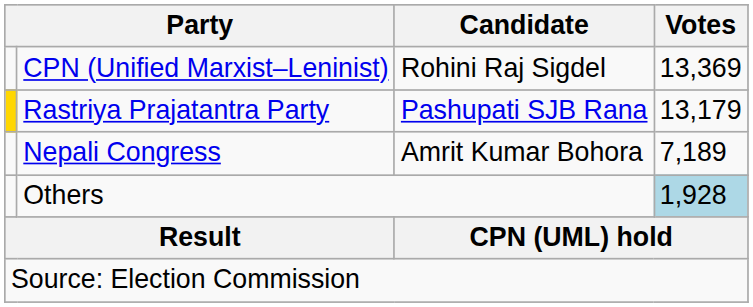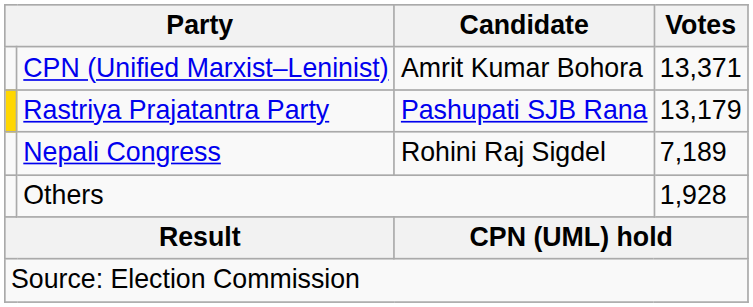 <table class="wikitable">
 <tr>
 <th colspan="2">Party</th>
 <th>Candidate</th>
 <th>Votes</th>
 </tr>
 <tr>
 <td style="background-color:"></td>
 <td><a href='#'>CPN (Unified Marxist–Leninist)</a></td>
-<td>Rohini Raj Sigdel</td>
-<td>13,369</td>
+<td>Amrit Kumar Bohora</td>
+<td>13,371</td>
 </tr>
 <tr>
 <td style="background-color:gold"></td>
 <td><a href='#'>Rastriya Prajatantra Party</a></td>
 <td><a href='#'>Pashupati SJB Rana</a></td>
 <td>13,179</td>
 </tr>
 <tr>
 <td style="background-color:"></td>
 <td><a href='#'>Nepali Congress</a></td>
-<td>Amrit Kumar Bohora</td>
+<td>Rohini Raj Sigdel</td>
 <td>7,189</td>
 </tr>
 <tr>
 <td></td>
 <td colspan="2">Others</td>
-<td style="background: lightblue;">1,928</td>
+<td>1,928</td>
 </tr>
 <tr>
 <th colspan="2">Result</th>
 <th colspan="2">CPN (UML) hold</th>
 </tr>
 <tr>
 <td colspan="4">Source: Election Commission</td>
 </tr>
 </table>
